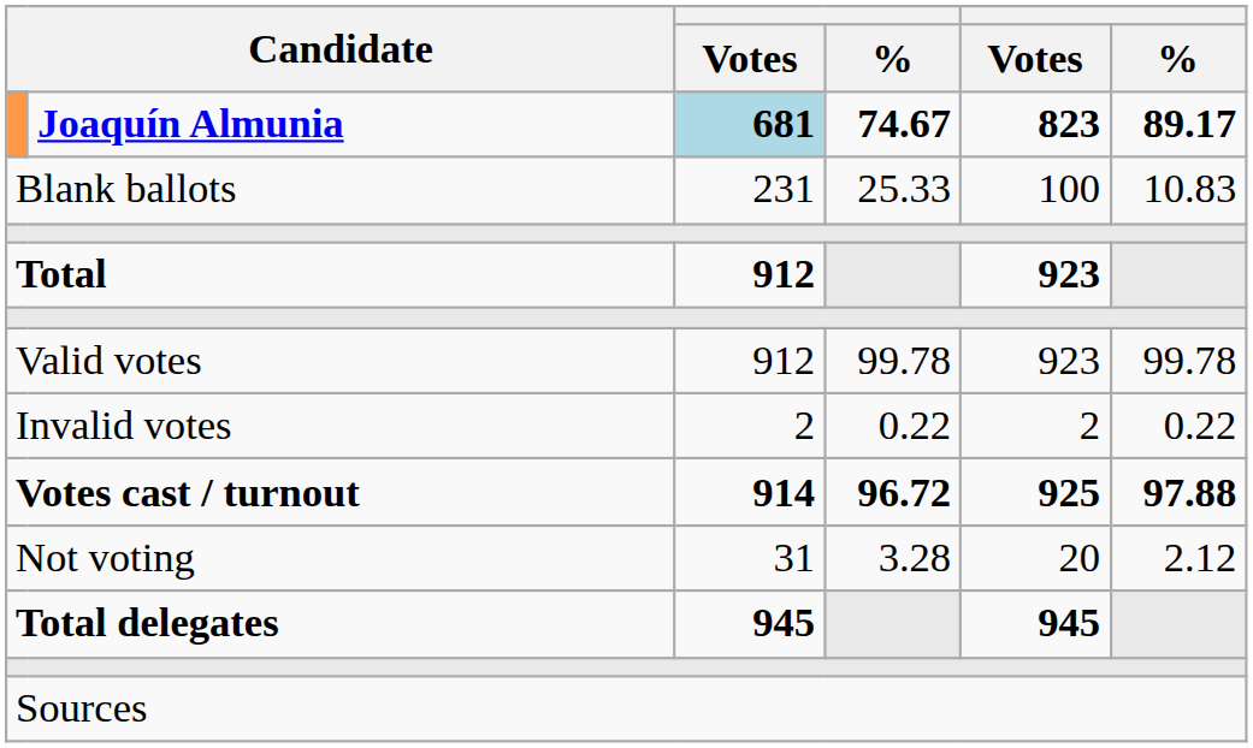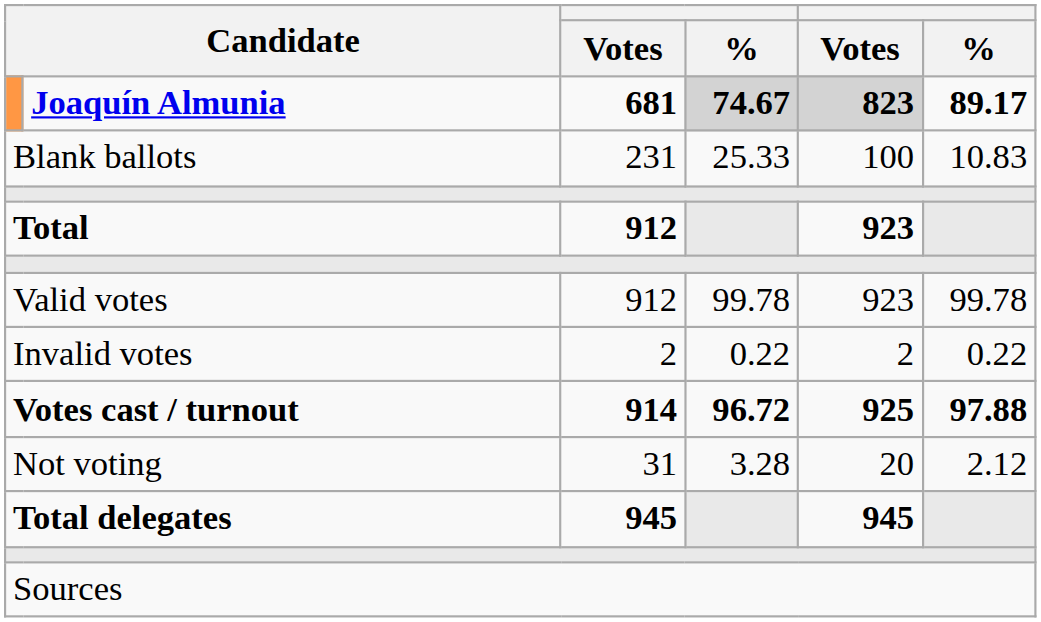 <table class="wikitable" style="text-align:right;">
 <tr>
 <th rowspan="2" colspan="2" width="250">Candidate</th>
 <th colspan="2"></th>
 <th colspan="2"></th>
 </tr>
 <tr>
 <th width="50">Votes</th>
 <th width="45">%</th>
 <th width="50">Votes</th>
 <th width="45">%</th>
 </tr>
 <tr>
 <td width="1" style="color:inherit;background:#FF9744"></td>
 <td align="left"><strong><a href='#'>Joaquín Almunia</a></strong></td>
-<td style="background: lightblue;"><strong>681</strong></td>
-<td><strong>74.67</strong></td>
-<td><strong>823</strong></td>
+<td><strong>681</strong></td>
+<td style="background: lightgrey;"><strong>74.67</strong></td>
+<td style="background: lightgrey;"><strong>823</strong></td>
 <td><strong>89.17</strong></td>
 </tr>
 <tr>
 <td align="left" colspan="2">Blank ballots</td>
 <td>231</td>
 <td>25.33</td>
 <td>100</td>
 <td>10.83</td>
 </tr>
 <tr>
 <td colspan="6" bgcolor="#E9E9E9"></td>
 </tr>
 <tr style="font-weight:bold;">
 <td align="left" colspan="2">Total</td>
 <td>912</td>
 <td bgcolor="#E9E9E9"></td>
 <td>923</td>
 <td bgcolor="#E9E9E9"></td>
 </tr>
 <tr>
 <td colspan="6" bgcolor="#E9E9E9"></td>
 </tr>
 <tr>
 <td align="left" colspan="2">Valid votes</td>
 <td>912</td>
 <td>99.78</td>
 <td>923</td>
 <td>99.78</td>
 </tr>
 <tr>
 <td align="left" colspan="2">Invalid votes</td>
 <td>2</td>
 <td>0.22</td>
 <td>2</td>
 <td>0.22</td>
 </tr>
 <tr style="font-weight:bold;">
 <td align="left" colspan="2">Votes cast / turnout</td>
 <td>914</td>
 <td>96.72</td>
 <td>925</td>
 <td>97.88</td>
 </tr>
 <tr>
 <td align="left" colspan="2">Not voting</td>
 <td>31</td>
 <td>3.28</td>
 <td>20</td>
 <td>2.12</td>
 </tr>
 <tr style="font-weight:bold;">
 <td align="left" colspan="2">Total delegates</td>
 <td>945</td>
 <td bgcolor="#E9E9E9"></td>
 <td>945</td>
 <td bgcolor="#E9E9E9"></td>
 </tr>
 <tr>
 <td colspan="6" bgcolor="#E9E9E9"></td>
 </tr>
 <tr>
 <td align="left" colspan="6">Sources</td>
 </tr>
 </table>
